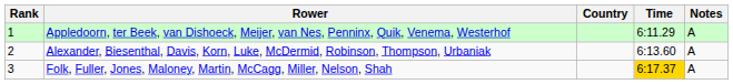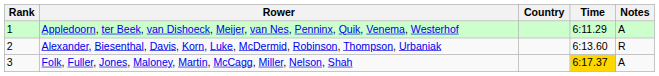 <table class="wikitable sortable" width=78%>
 <tr>
 <th>Rank</th>
 <th>Rower</th>
 <th>Country</th>
 <th>Time</th>
 <th>Notes</th>
 </tr>
 <tr bgcolor=ccffcc>
 <td>1</td>
 <td><a href='#'>Appledoorn</a>, <a href='#'>ter Beek</a>, <a href='#'>van Dishoeck</a>, <a href='#'>Meijer</a>, <a href='#'>van Nes</a>, <a href='#'>Penninx</a>, <a href='#'>Quik</a>, <a href='#'>Venema</a>, <a href='#'>Westerhof</a></td>
 <td></td>
 <td>6:11.29</td>
 <td>A</td>
 </tr>
 <tr>
 <td>2</td>
 <td><a href='#'>Alexander</a>, <a href='#'>Biesenthal</a>, <a href='#'>Davis</a>, <a href='#'>Korn</a>, <a href='#'>Luke</a>, <a href='#'>McDermid</a>, <a href='#'>Robinson</a>, <a href='#'>Thompson</a>, <a href='#'>Urbaniak</a></td>
 <td></td>
 <td>6:13.60</td>
-<td>A</td>
+<td>R</td>
 </tr>
 <tr>
 <td>3</td>
 <td><a href='#'>Folk</a>, <a href='#'>Fuller</a>, <a href='#'>Jones</a>, <a href='#'>Maloney</a>, <a href='#'>Martin</a>, <a href='#'>McCagg</a>, <a href='#'>Miller</a>, <a href='#'>Nelson</a>, <a href='#'>Shah</a></td>
 <td></td>
 <td style="background: gold;">6:17.37</td>
 <td>A</td>
 </tr>
 </table>
